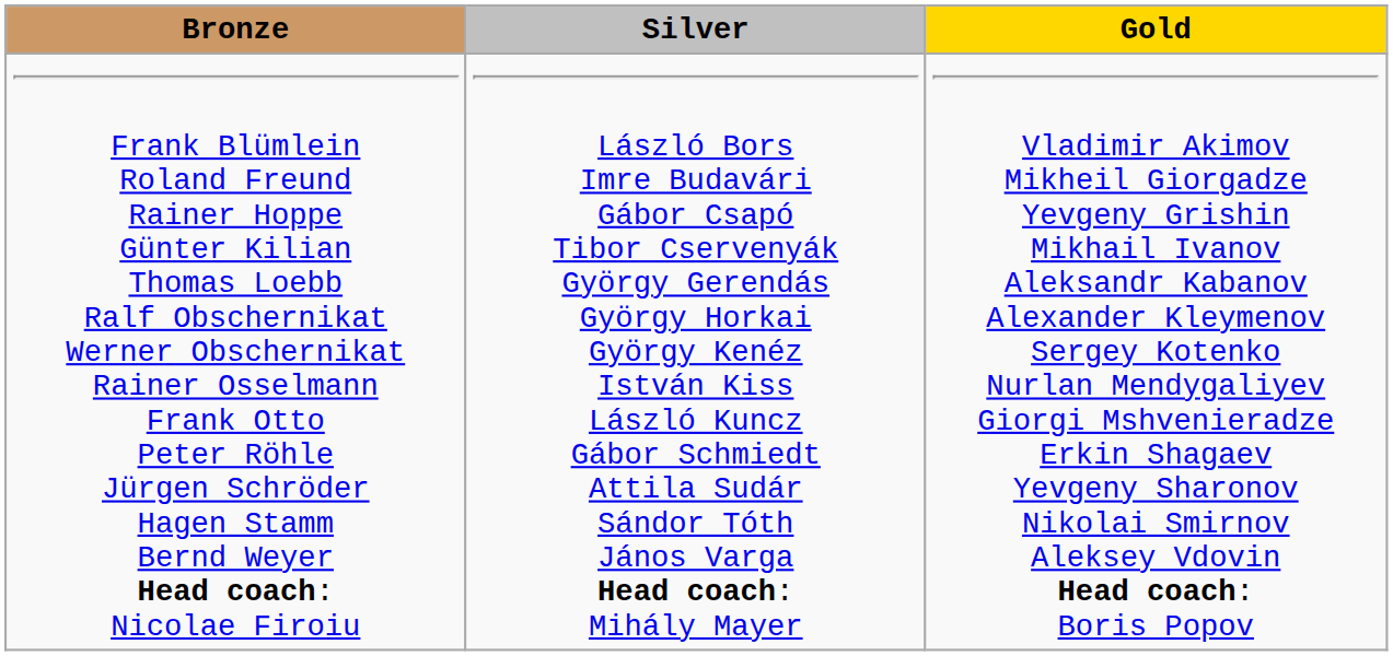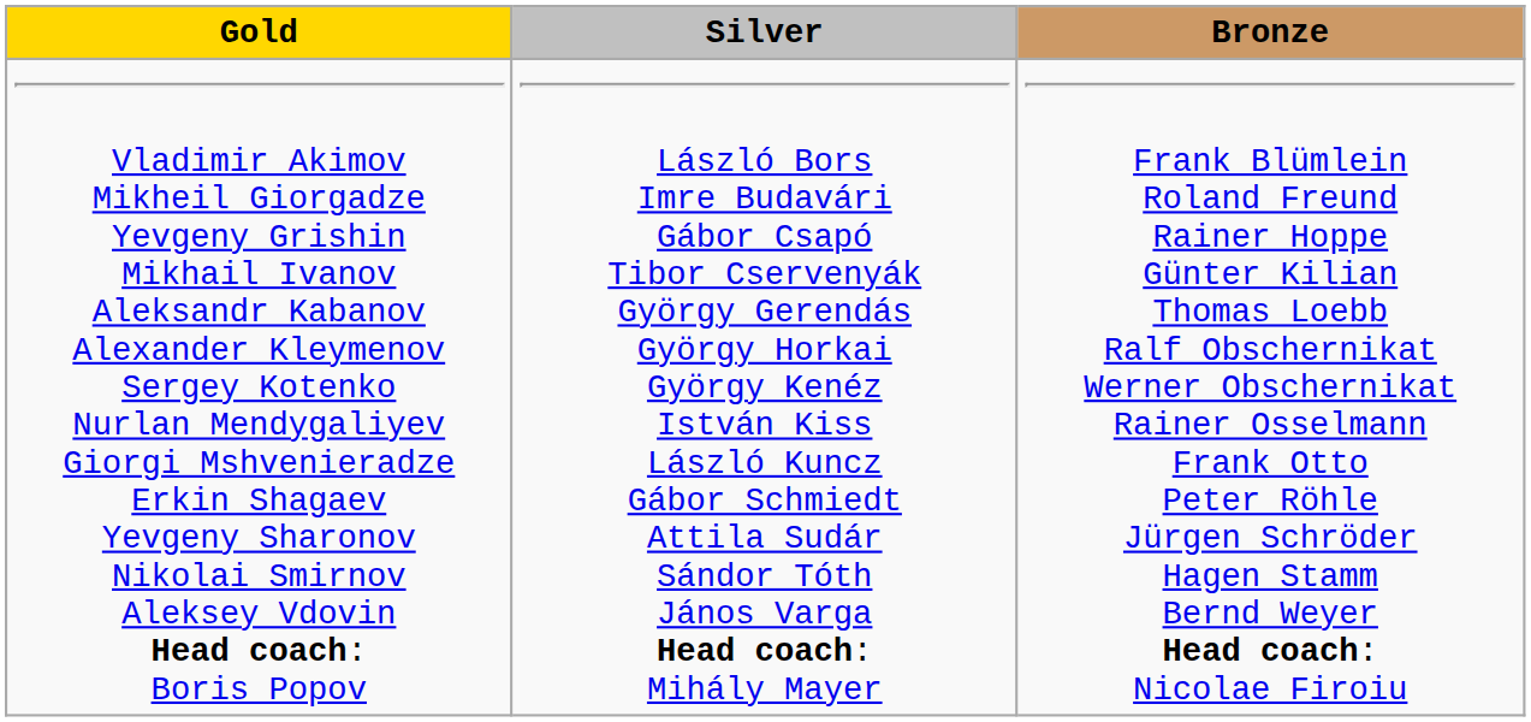 <table class="wikitable">
 <tr>
+<th style="text-align:center; width:15em; background-color:gold;">Gold</th>
+<th style="text-align:center; width:15em; background-color:silver;">Silver</th>
 <th style="text-align:center; width:15em; background-color:#CC9966;">Bronze</th>
-<th style="text-align:center; width:15em; background-color:silver;">Silver</th>
-<th style="text-align:center; width:15em; background-color:gold;">Gold</th>
 </tr>
 <tr>
+<td style="text-align:center; vertical-align:top;"><strong></strong> <hr><br><a href='#'>Vladimir Akimov</a><br> <a href='#'>Mikheil Giorgadze</a><br> <a href='#'>Yevgeny Grishin</a><br> <a href='#'>Mikhail Ivanov</a><br> <a href='#'>Aleksandr Kabanov</a><br> <a href='#'>Alexander Kleymenov</a><br> <a href='#'>Sergey Kotenko</a><br> <a href='#'>Nurlan Mendygaliyev</a><br> <a href='#'>Giorgi Mshvenieradze</a><br> <a href='#'>Erkin Shagaev</a><br> <a href='#'>Yevgeny Sharonov</a><br> <a href='#'>Nikolai Smirnov</a><br> <a href='#'>Aleksey Vdovin</a><br><strong>Head coach</strong>: <br><a href='#'>Boris Popov</a></td>
+<td style="text-align:center; vertical-align:top;"><strong></strong> <hr><br><a href='#'>László Bors</a><br> <a href='#'>Imre Budavári</a><br> <a href='#'>Gábor Csapó</a><br> <a href='#'>Tibor Cservenyák</a><br> <a href='#'>György Gerendás</a><br> <a href='#'>György Horkai</a><br> <a href='#'>György Kenéz</a><br> <a href='#'>István Kiss</a><br> <a href='#'>László Kuncz</a><br> <a href='#'>Gábor Schmiedt</a><br> <a href='#'>Attila Sudár</a><br> <a href='#'>Sándor Tóth</a><br> <a href='#'>János Varga</a><br><strong>Head coach</strong>: <br> <a href='#'>Mihály Mayer</a></td>
 <td style="text-align:center; vertical-align:top;"><strong></strong> <hr><br><a href='#'>Frank Blümlein</a><br> <a href='#'>Roland Freund</a><br> <a href='#'>Rainer Hoppe</a><br> <a href='#'>Günter Kilian</a><br> <a href='#'>Thomas Loebb</a><br> <a href='#'>Ralf Obschernikat</a><br> <a href='#'>Werner Obschernikat</a><br> <a href='#'>Rainer Osselmann</a><br> <a href='#'>Frank Otto</a><br> <a href='#'>Peter Röhle</a><br> <a href='#'>Jürgen Schröder</a><br> <a href='#'>Hagen Stamm</a><br> <a href='#'>Bernd Weyer</a><br><strong>Head coach</strong>: <br> <a href='#'>Nicolae Firoiu</a></td>
-<td style="text-align:center; vertical-align:top;"><strong></strong> <hr><br><a href='#'>László Bors</a><br> <a href='#'>Imre Budavári</a><br> <a href='#'>Gábor Csapó</a><br> <a href='#'>Tibor Cservenyák</a><br> <a href='#'>György Gerendás</a><br> <a href='#'>György Horkai</a><br> <a href='#'>György Kenéz</a><br> <a href='#'>István Kiss</a><br> <a href='#'>László Kuncz</a><br> <a href='#'>Gábor Schmiedt</a><br> <a href='#'>Attila Sudár</a><br> <a href='#'>Sándor Tóth</a><br> <a href='#'>János Varga</a><br><strong>Head coach</strong>: <br> <a href='#'>Mihály Mayer</a></td>
-<td style="text-align:center; vertical-align:top;"><strong></strong> <hr><br><a href='#'>Vladimir Akimov</a><br> <a href='#'>Mikheil Giorgadze</a><br> <a href='#'>Yevgeny Grishin</a><br> <a href='#'>Mikhail Ivanov</a><br> <a href='#'>Aleksandr Kabanov</a><br> <a href='#'>Alexander Kleymenov</a><br> <a href='#'>Sergey Kotenko</a><br> <a href='#'>Nurlan Mendygaliyev</a><br> <a href='#'>Giorgi Mshvenieradze</a><br> <a href='#'>Erkin Shagaev</a><br> <a href='#'>Yevgeny Sharonov</a><br> <a href='#'>Nikolai Smirnov</a><br> <a href='#'>Aleksey Vdovin</a><br><strong>Head coach</strong>: <br><a href='#'>Boris Popov</a></td>
 </tr>
 </table>
